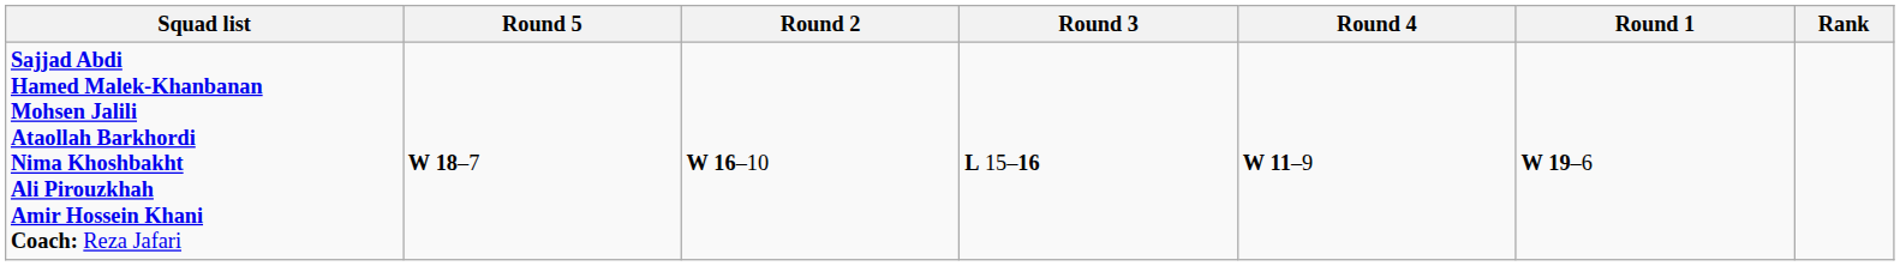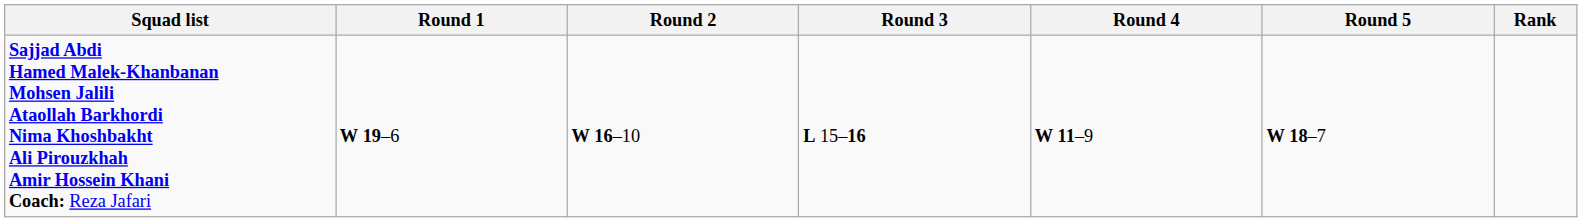 <table class="wikitable" width="98%" style="text-align:left; font-size:90%">
 <tr>
 <th width="20%">Squad list</th>
-<th width="14%">Round 5</th>
+<th width="14%">Round 1</th>
 <th width="14%">Round 2</th>
 <th width="14%">Round 3</th>
 <th width="14%">Round 4</th>
-<th width="14%">Round 1</th>
+<th width="14%">Round 5</th>
 <th width="5%">Rank</th>
 </tr>
 <tr>
 <td><strong><a href='#'>Sajjad Abdi</a><br><a href='#'>Hamed Malek-Khanbanan</a><br><a href='#'>Mohsen Jalili</a><br><a href='#'>Ataollah Barkhordi</a><br><a href='#'>Nima Khoshbakht</a><br><a href='#'>Ali Pirouzkhah</a><br><a href='#'>Amir Hossein Khani</a><br>Coach:</strong> <a href='#'>Reza Jafari</a></td>
-<td><br><strong>W</strong> <strong>18</strong>–7</td>
+<td><br><strong>W</strong> <strong>19</strong>–6</td>
 <td><br><strong>W</strong> <strong>16</strong>–10</td>
 <td><br><strong>L</strong> 15–<strong>16</strong></td>
 <td><br><strong>W</strong> <strong>11</strong>–9</td>
-<td><br><strong>W</strong> <strong>19</strong>–6</td>
+<td><br><strong>W</strong> <strong>18</strong>–7</td>
 <td align=center></td>
 </tr>
 </table>
